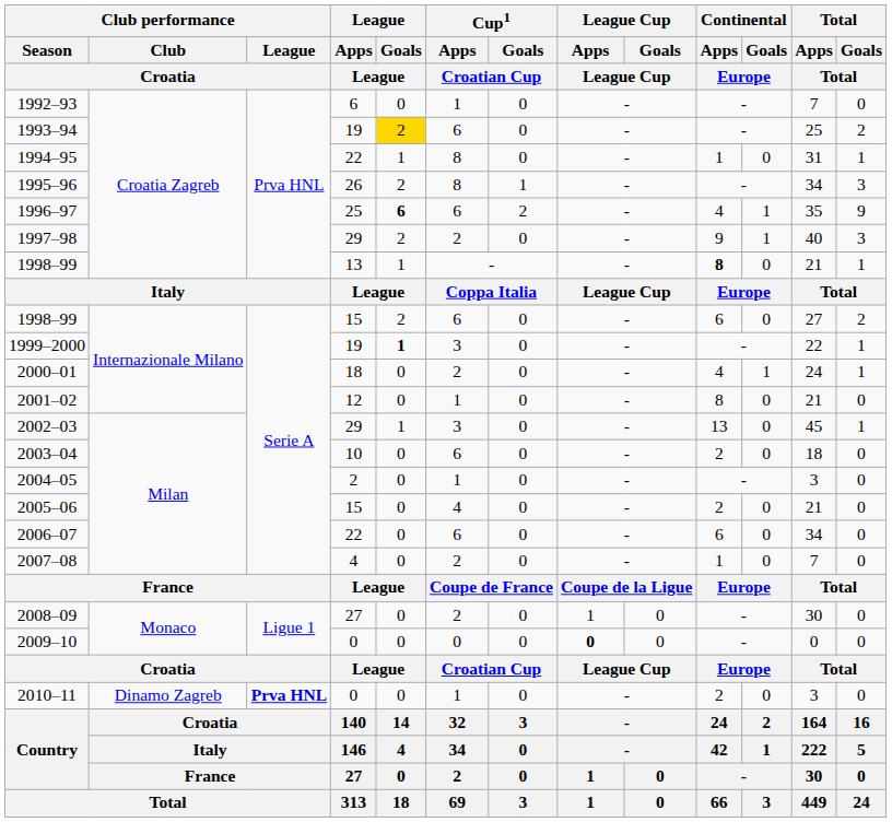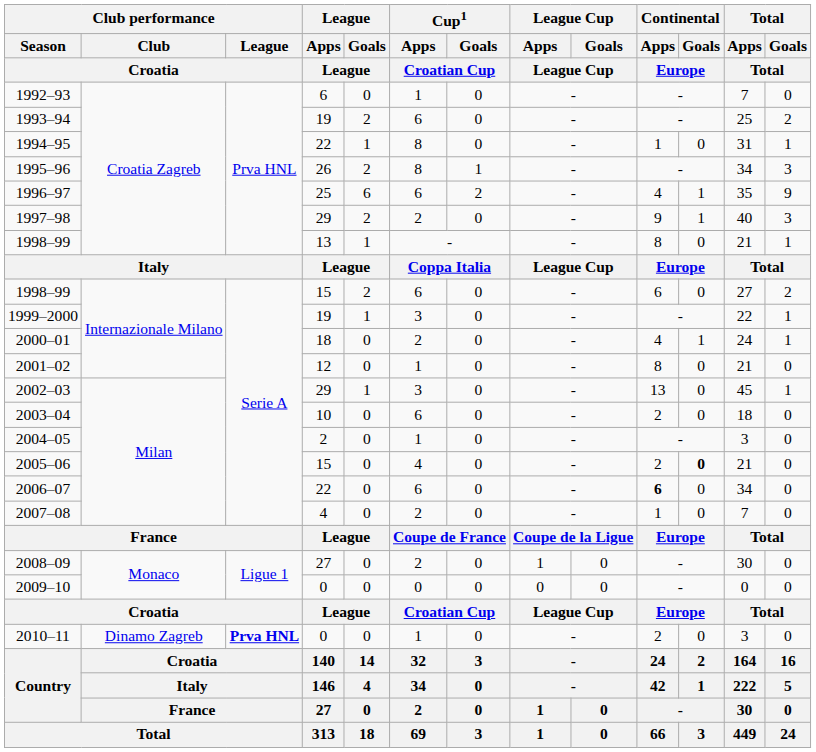 <table class="wikitable" style="text-align:center;">
 <tr>
 <th colspan=3>Club performance</th>
 <th colspan=2>League</th>
 <th colspan=2>Cup<sup>1</sup></th>
 <th colspan=2>League Cup</th>
 <th colspan=2>Continental</th>
 <th colspan=2>Total</th>
 </tr>
 <tr>
 <th>Season</th>
 <th>Club</th>
 <th>League</th>
 <th>Apps</th>
 <th>Goals</th>
 <th>Apps</th>
 <th>Goals</th>
 <th>Apps</th>
 <th>Goals</th>
 <th>Apps</th>
 <th>Goals</th>
 <th>Apps</th>
 <th>Goals</th>
 </tr>
 <tr>
 <th colspan=3>Croatia</th>
 <th colspan=2>League</th>
 <th colspan=2><a href='#'>Croatian Cup</a></th>
 <th colspan=2>League Cup</th>
 <th colspan=2><a href='#'>Europe</a></th>
 <th colspan=2>Total</th>
 </tr>
 <tr>
 <td>1992–93</td>
 <td rowspan="7"><a href='#'>Croatia Zagreb</a></td>
 <td rowspan="7"><a href='#'>Prva HNL</a></td>
 <td>6</td>
 <td>0</td>
 <td>1</td>
 <td>0</td>
 <td colspan="2">-</td>
 <td colspan="2">-</td>
 <td>7</td>
 <td>0</td>
 </tr>
 <tr>
 <td>1993–94</td>
 <td>19</td>
-<td style="background: gold;">2</td>
+<td>2</td>
 <td>6</td>
 <td>0</td>
 <td colspan="2">-</td>
 <td colspan="2">-</td>
 <td>25</td>
 <td>2</td>
 </tr>
 <tr>
 <td>1994–95</td>
 <td>22</td>
 <td>1</td>
 <td>8</td>
 <td>0</td>
 <td colspan="2">-</td>
 <td>1</td>
 <td>0</td>
 <td>31</td>
 <td>1</td>
 </tr>
 <tr>
 <td>1995–96</td>
 <td>26</td>
 <td>2</td>
 <td>8</td>
 <td>1</td>
 <td colspan="2">-</td>
 <td colspan="2">-</td>
 <td>34</td>
 <td>3</td>
 </tr>
 <tr>
 <td>1996–97</td>
 <td>25</td>
-<td><strong>6</strong></td>
+<td>6</td>
 <td>6</td>
 <td>2</td>
 <td colspan="2">-</td>
 <td>4</td>
 <td>1</td>
 <td>35</td>
 <td>9</td>
 </tr>
 <tr>
 <td>1997–98</td>
 <td>29</td>
 <td>2</td>
 <td>2</td>
 <td>0</td>
 <td colspan="2">-</td>
 <td>9</td>
 <td>1</td>
 <td>40</td>
 <td>3</td>
 </tr>
 <tr>
 <td>1998–99</td>
 <td>13</td>
 <td>1</td>
 <td colspan="2">-</td>
 <td colspan="2">-</td>
-<td><strong>8</strong></td>
+<td>8</td>
 <td>0</td>
 <td>21</td>
 <td>1</td>
 </tr>
 <tr>
 <th colspan=3>Italy</th>
 <th colspan=2>League</th>
 <th colspan=2><a href='#'>Coppa Italia</a></th>
 <th colspan=2>League Cup</th>
 <th colspan=2><a href='#'>Europe</a></th>
 <th colspan=2>Total</th>
 </tr>
 <tr>
 <td>1998–99</td>
 <td rowspan="4"><a href='#'>Internazionale Milano</a></td>
 <td rowspan="10"><a href='#'>Serie A</a></td>
 <td>15</td>
 <td>2</td>
 <td>6</td>
 <td>0</td>
 <td colspan="2">-</td>
 <td>6</td>
 <td>0</td>
 <td>27</td>
 <td>2</td>
 </tr>
 <tr>
 <td>1999–2000</td>
 <td>19</td>
-<td><strong>1</strong></td>
+<td>1</td>
 <td>3</td>
 <td>0</td>
 <td colspan="2">-</td>
 <td colspan="2">-</td>
 <td>22</td>
 <td>1</td>
 </tr>
 <tr>
 <td>2000–01</td>
 <td>18</td>
 <td>0</td>
 <td>2</td>
 <td>0</td>
 <td colspan="2">-</td>
 <td>4</td>
 <td>1</td>
 <td>24</td>
 <td>1</td>
 </tr>
 <tr>
 <td>2001–02</td>
 <td>12</td>
 <td>0</td>
 <td>1</td>
 <td>0</td>
 <td colspan="2">-</td>
 <td>8</td>
 <td>0</td>
 <td>21</td>
 <td>0</td>
 </tr>
 <tr>
 <td>2002–03</td>
 <td rowspan="6"><a href='#'>Milan</a></td>
 <td>29</td>
 <td>1</td>
 <td>3</td>
 <td>0</td>
 <td colspan="2">-</td>
 <td>13</td>
 <td>0</td>
 <td>45</td>
 <td>1</td>
 </tr>
 <tr>
 <td>2003–04</td>
 <td>10</td>
 <td>0</td>
 <td>6</td>
 <td>0</td>
 <td colspan="2">-</td>
 <td>2</td>
 <td>0</td>
 <td>18</td>
 <td>0</td>
 </tr>
 <tr>
 <td>2004–05</td>
 <td>2</td>
 <td>0</td>
 <td>1</td>
 <td>0</td>
 <td colspan="2">-</td>
 <td colspan="2">-</td>
 <td>3</td>
 <td>0</td>
 </tr>
 <tr>
 <td>2005–06</td>
 <td>15</td>
 <td>0</td>
 <td>4</td>
 <td>0</td>
 <td colspan="2">-</td>
 <td>2</td>
-<td>0</td>
+<td><strong>0</strong></td>
 <td>21</td>
 <td>0</td>
 </tr>
 <tr>
 <td>2006–07</td>
 <td>22</td>
 <td>0</td>
 <td>6</td>
 <td>0</td>
 <td colspan="2">-</td>
-<td>6</td>
+<td><strong>6</strong></td>
 <td>0</td>
 <td>34</td>
 <td>0</td>
 </tr>
 <tr>
 <td>2007–08</td>
 <td>4</td>
 <td>0</td>
 <td>2</td>
 <td>0</td>
 <td colspan="2">-</td>
 <td>1</td>
 <td>0</td>
 <td>7</td>
 <td>0</td>
 </tr>
 <tr>
 <th colspan=3>France</th>
 <th colspan=2>League</th>
 <th colspan=2><a href='#'>Coupe de France</a></th>
 <th colspan=2><a href='#'>Coupe de la Ligue</a></th>
 <th colspan=2><a href='#'>Europe</a></th>
 <th colspan=2>Total</th>
 </tr>
 <tr>
 <td>2008–09</td>
 <td rowspan="2"><a href='#'>Monaco</a></td>
 <td rowspan="2"><a href='#'>Ligue 1</a></td>
 <td>27</td>
 <td>0</td>
 <td>2</td>
 <td>0</td>
 <td>1</td>
 <td>0</td>
 <td colspan="2">-</td>
 <td>30</td>
 <td>0</td>
 </tr>
 <tr>
 <td>2009–10</td>
 <td>0</td>
 <td>0</td>
 <td>0</td>
 <td>0</td>
-<td><strong>0</strong></td>
+<td>0</td>
 <td>0</td>
 <td colspan="2">-</td>
 <td>0</td>
 <td>0</td>
 </tr>
 <tr>
 <th colspan=3>Croatia</th>
 <th colspan=2>League</th>
 <th colspan=2><a href='#'>Croatian Cup</a></th>
 <th colspan=2>League Cup</th>
 <th colspan=2><a href='#'>Europe</a></th>
 <th colspan=2>Total</th>
 </tr>
 <tr>
 <td>2010–11</td>
 <td><a href='#'>Dinamo Zagreb</a></td>
 <td><strong><a href='#'>Prva HNL</a></strong></td>
 <td>0</td>
 <td>0</td>
 <td>1</td>
 <td>0</td>
 <td colspan="2">-</td>
 <td>2</td>
 <td>0</td>
 <td>3</td>
 <td>0</td>
 </tr>
 <tr>
 <th rowspan=3>Country</th>
 <th colspan=2>Croatia</th>
 <th>140</th>
 <th>14</th>
 <th>32</th>
 <th>3</th>
 <th colspan="2">-</th>
 <th>24</th>
 <th>2</th>
 <th>164</th>
 <th>16</th>
 </tr>
 <tr>
 <th colspan=2>Italy</th>
 <th>146</th>
 <th>4</th>
 <th>34</th>
 <th>0</th>
 <th colspan="2">-</th>
 <th>42</th>
 <th>1</th>
 <th>222</th>
 <th>5</th>
 </tr>
 <tr>
 <th colspan=2>France</th>
 <th>27</th>
 <th>0</th>
 <th>2</th>
 <th>0</th>
 <th>1</th>
 <th>0</th>
 <th colspan="2">-</th>
 <th>30</th>
 <th>0</th>
 </tr>
 <tr>
 <th colspan=3>Total</th>
 <th>313</th>
 <th>18</th>
 <th>69</th>
 <th>3</th>
 <th>1</th>
 <th>0</th>
 <th>66</th>
 <th>3</th>
 <th>449</th>
 <th>24</th>
 </tr>
 </table>
